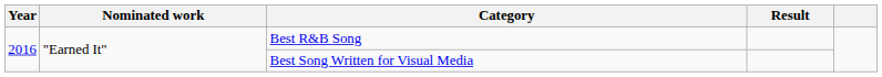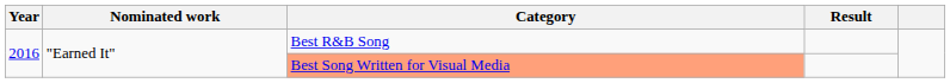 <table class=wikitable>
 <tr>
 <th width=4%>Year</th>
 <th width=26%>Nominated work</th>
 <th width=55%>Category</th>
 <th width=10%>Result</th>
 <th width=5%></th>
 </tr>
 <tr>
 <td rowspan="2"><a href='#'>2016</a></td>
 <td rowspan="2">"Earned It"</td>
 <td><a href='#'>Best R&B Song</a></td>
 <td></td>
 <td rowspan="2"></td>
 </tr>
 <tr>
-<td><a href='#'>Best Song Written for Visual Media</a></td>
+<td style="background: lightsalmon;"><a href='#'>Best Song Written for Visual Media</a></td>
 <td></td>
 </tr>
 </table>
